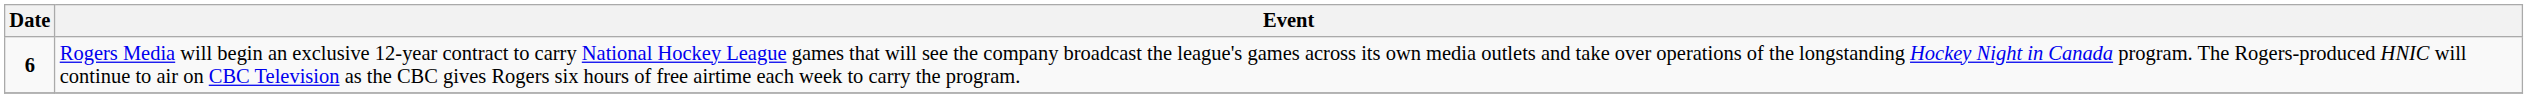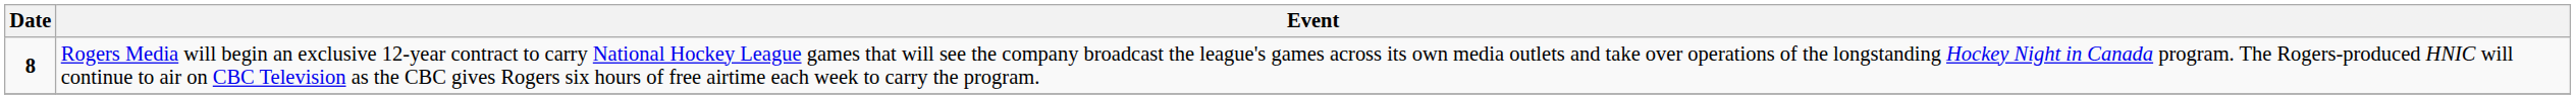 <table class="wikitable">
 <tr>
 <th>Date</th>
 <th>Event</th>
 </tr>
 <tr>
-<td style="text-align:center;"><strong>6</strong></td>
+<td style="text-align:center;"><strong>8</strong></td>
 <td><a href='#'>Rogers Media</a> will begin an exclusive 12-year contract to carry <a href='#'>National Hockey League</a> games that will see the company broadcast the league's games across its own media outlets and take over operations of the longstanding <em><a href='#'>Hockey Night in Canada</a></em> program. The Rogers-produced <em>HNIC</em> will continue to air on <a href='#'>CBC Television</a> as the CBC gives Rogers six hours of free airtime each week to carry the program.</td>
 </tr>
 <tr>
 </tr>
 </table>
